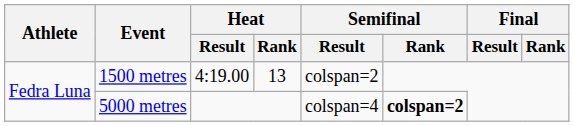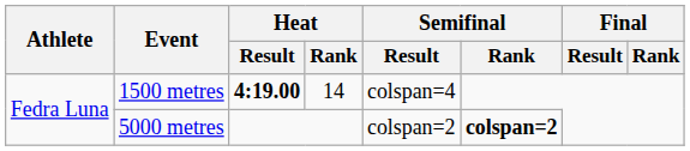 <table class="wikitable" style="font-size:90%">
 <tr>
 <th rowspan="2">Athlete</th>
 <th rowspan="2">Event</th>
 <th colspan="2">Heat</th>
 <th colspan="2">Semifinal</th>
 <th colspan="2">Final</th>
 </tr>
 <tr style="font-size:95%">
 <th>Result</th>
 <th>Rank</th>
 <th>Result</th>
 <th>Rank</th>
 <th>Result</th>
 <th>Rank</th>
 </tr>
 <tr align=center>
 <td align=left rowspan=2><a href='#'>Fedra Luna</a></td>
 <td align=left><a href='#'>1500 metres</a></td>
-<td>4:19.00</td>
-<td>13</td>
-<td>colspan=2 </td>
+<td><strong>4:19.00</strong></td>
+<td>14</td>
+<td>colspan=4 </td>
 </tr>
 <tr align=center>
 <td align=left><a href='#'>5000 metres</a></td>
 <td colspan=2></td>
-<td>colspan=4 </td>
+<td>colspan=2 </td>
 <td><strong>colspan=2 </strong></td>
 </tr>
 </table>
